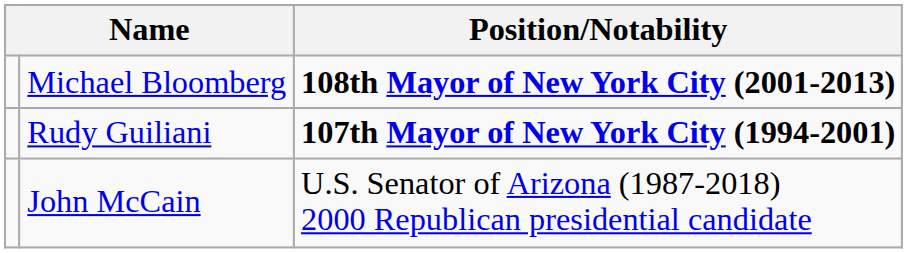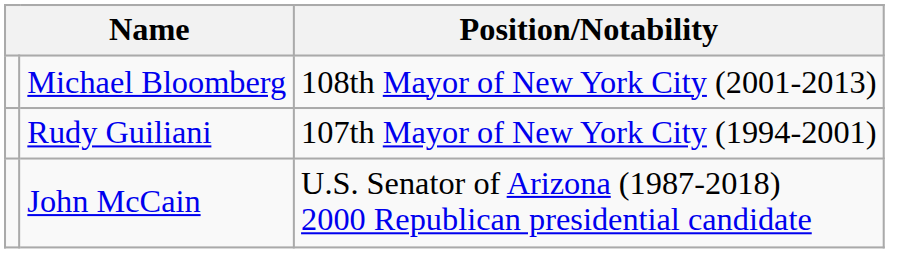 <table class="wikitable">
 <tr>
 <th colspan="2">Name</th>
 <th>Position/Notability</th>
 </tr>
 <tr>
 <td></td>
 <td><a href='#'>Michael Bloomberg</a></td>
-<td><strong>108th <a href='#'>Mayor of New York City</a> (2001-2013)</strong></td>
+<td>108th <a href='#'>Mayor of New York City</a> (2001-2013)</td>
 </tr>
 <tr>
 <td></td>
 <td><a href='#'>Rudy Guiliani</a></td>
-<td><strong>107th <a href='#'>Mayor of New York City</a> (1994-2001)</strong></td>
+<td>107th <a href='#'>Mayor of New York City</a> (1994-2001)</td>
 </tr>
 <tr>
 <td></td>
 <td><a href='#'>John McCain</a></td>
 <td>U.S. Senator of <a href='#'>Arizona</a> (1987-2018)<br><a href='#'>2000 Republican presidential candidate</a></td>
 </tr>
 </table>
